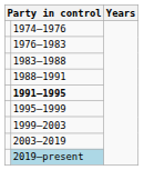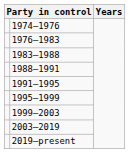 <table class="wikitable">
 <tr>
 <th colspan="2">Party in control</th>
 <th>Years</th>
 </tr>
 <tr>
 <td></td>
 <td>1974–1976</td>
 </tr>
 <tr>
 <td></td>
 <td>1976–1983</td>
 </tr>
 <tr>
 <td></td>
 <td>1983–1988</td>
 </tr>
 <tr>
 <td></td>
 <td>1988–1991</td>
 </tr>
 <tr>
 <td></td>
-<td><strong>1991–1995</strong></td>
+<td>1991–1995</td>
 </tr>
 <tr>
 <td></td>
 <td>1995–1999</td>
 </tr>
 <tr>
 <td></td>
 <td>1999–2003</td>
 </tr>
 <tr>
 <td></td>
 <td>2003–2019</td>
 </tr>
 <tr>
 <td></td>
-<td style="background: lightblue;">2019–present</td>
+<td>2019–present</td>
 </tr>
 </table>
